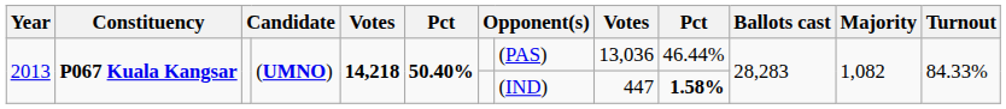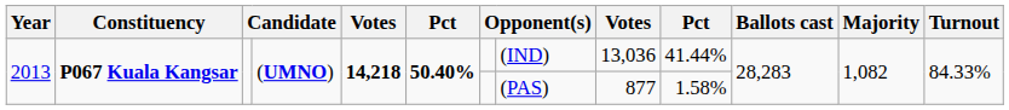 <table class="wikitable" style="margin:0.5em ; font-size:95%">
 <tr>
 <th>Year</th>
 <th>Constituency</th>
 <th colspan=2>Candidate</th>
 <th>Votes</th>
 <th>Pct</th>
 <th colspan=2>Opponent(s)</th>
 <th>Votes</th>
 <th>Pct</th>
 <th>Ballots cast</th>
 <th>Majority</th>
 <th>Turnout</th>
 </tr>
 <tr>
 <td rowspan=2><a href='#'>2013</a></td>
 <td rowspan="2"><strong>P067 <a href='#'>Kuala Kangsar</a></strong></td>
 <td rowspan=2 ></td>
 <td rowspan=2> (<a href='#'><strong>UMNO</strong></a>)</td>
 <td rowspan=2 align="right"><strong>14,218</strong></td>
 <td rowspan=2><strong>50.40%</strong></td>
 <td></td>
-<td> (<a href='#'>PAS</a>)</td>
+<td> (<a href='#'>IND</a>)</td>
 <td align="right">13,036</td>
-<td>46.44%</td>
+<td>41.44%</td>
 <td rowspan=2>28,283</td>
 <td rowspan=2>1,082</td>
 <td rowspan=2>84.33%</td>
 </tr>
 <tr>
 <td></td>
-<td> (<a href='#'>IND</a>)</td>
-<td align="right">447</td>
-<td align="right"><strong>1.58%</strong></td>
+<td> (<a href='#'>PAS</a>)</td>
+<td align="right">877</td>
+<td align="right">1.58%</td>
 </tr>
 </table>
